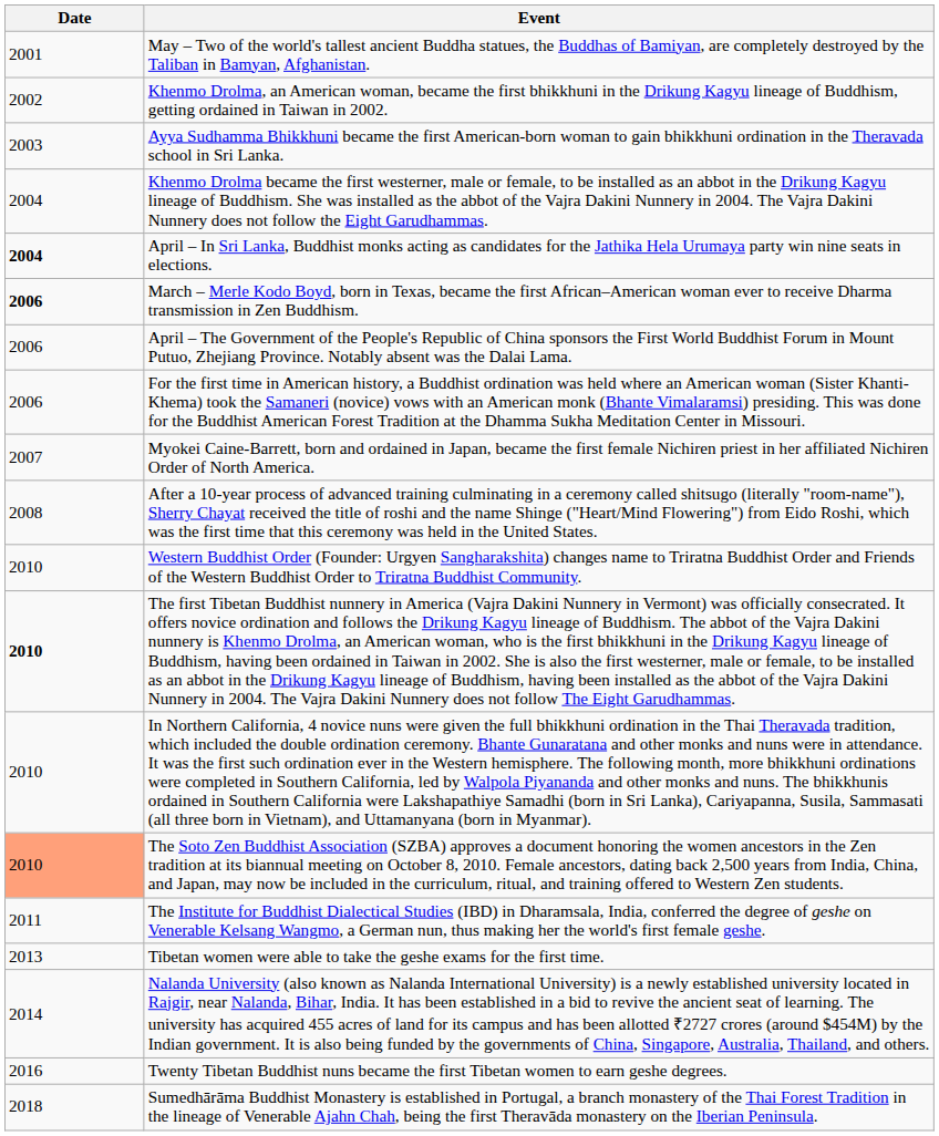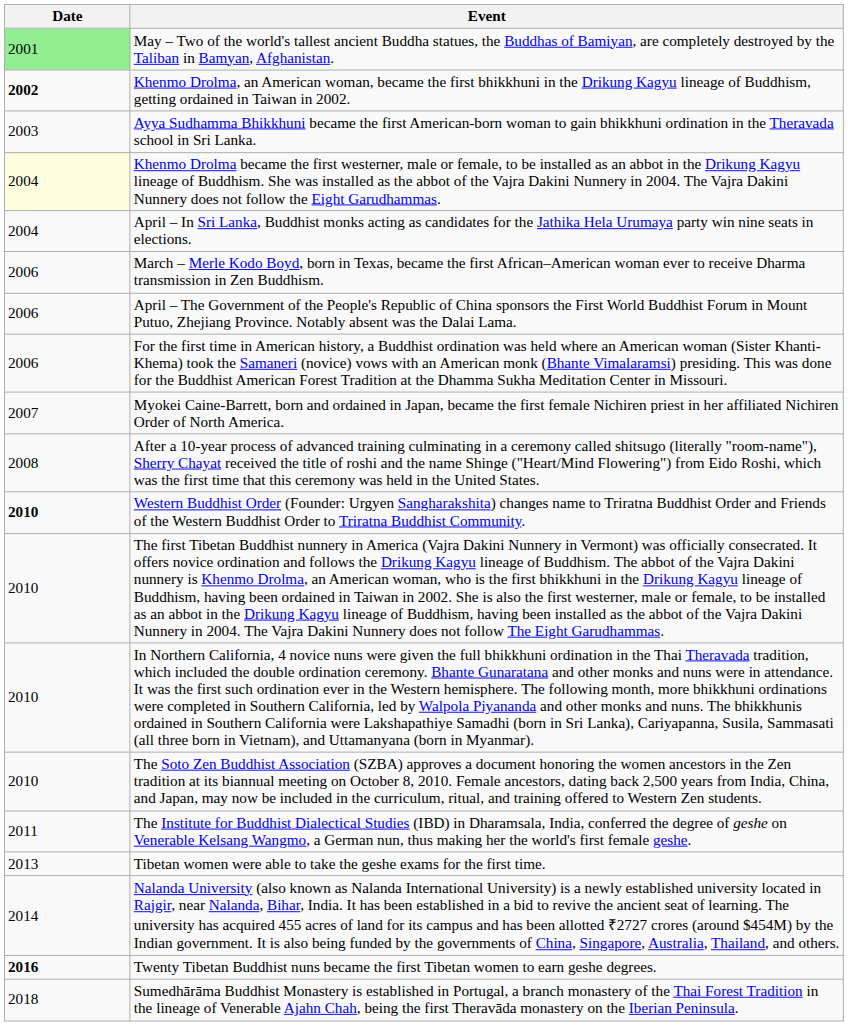 <table class="wikitable" width="100%">
 <tr>
 <th style="width:15%">Date</th>
 <th>Event</th>
 </tr>
 <tr>
-<td>2001</td>
+<td style="background: lightgreen;">2001</td>
 <td>May – Two of the world's tallest ancient Buddha statues, the <a href='#'>Buddhas of Bamiyan</a>, are completely destroyed by the <a href='#'>Taliban</a> in <a href='#'>Bamyan</a>, <a href='#'>Afghanistan</a>.</td>
 </tr>
 <tr>
-<td>2002</td>
+<td><strong>2002</strong></td>
 <td><a href='#'>Khenmo Drolma</a>, an American woman, became the first bhikkhuni in the <a href='#'>Drikung Kagyu</a> lineage of Buddhism, getting ordained in Taiwan in 2002.</td>
 </tr>
 <tr>
 <td>2003</td>
 <td><a href='#'>Ayya Sudhamma Bhikkhuni</a> became the first American-born woman to gain bhikkhuni ordination in the <a href='#'>Theravada</a> school in Sri Lanka.</td>
 </tr>
 <tr>
-<td>2004</td>
+<td style="background: lightyellow;">2004</td>
 <td><a href='#'>Khenmo Drolma</a> became the first westerner, male or female, to be installed as an abbot in the <a href='#'>Drikung Kagyu</a> lineage of Buddhism. She was installed as the abbot of the Vajra Dakini Nunnery in 2004. The Vajra Dakini Nunnery does not follow the <a href='#'>Eight Garudhammas</a>.</td>
 </tr>
 <tr>
-<td><strong>2004</strong></td>
+<td>2004</td>
 <td>April – In <a href='#'>Sri Lanka</a>, Buddhist monks acting as candidates for the <a href='#'>Jathika Hela Urumaya</a> party win nine seats in elections.</td>
 </tr>
 <tr>
-<td><strong>2006</strong></td>
+<td>2006</td>
 <td>March – <a href='#'>Merle Kodo Boyd</a>, born in Texas, became the first African–American woman ever to receive Dharma transmission in Zen Buddhism.</td>
 </tr>
 <tr>
 <td>2006</td>
 <td>April – The Government of the People's Republic of China sponsors the First World Buddhist Forum in Mount Putuo, Zhejiang Province. Notably absent was the Dalai Lama.</td>
 </tr>
 <tr>
 <td>2006</td>
 <td>For the first time in American history, a Buddhist ordination was held where an American woman (Sister Khanti-Khema) took the <a href='#'>Samaneri</a> (novice) vows with an American monk (<a href='#'>Bhante Vimalaramsi</a>) presiding. This was done for the Buddhist American Forest Tradition at the Dhamma Sukha Meditation Center in Missouri.</td>
 </tr>
 <tr>
 <td>2007</td>
 <td>Myokei Caine-Barrett, born and ordained in Japan, became the first female Nichiren priest in her affiliated Nichiren Order of North America.</td>
 </tr>
 <tr>
 <td>2008</td>
 <td>After a 10-year process of advanced training culminating in a ceremony called shitsugo (literally "room-name"), <a href='#'>Sherry Chayat</a> received the title of roshi and the name Shinge ("Heart/Mind Flowering") from Eido Roshi, which was the first time that this ceremony was held in the United States.</td>
 </tr>
 <tr>
-<td>2010</td>
+<td><strong>2010</strong></td>
 <td><a href='#'>Western Buddhist Order</a> (Founder: Urgyen <a href='#'>Sangharakshita</a>) changes name to Triratna Buddhist Order and Friends of the Western Buddhist Order to <a href='#'>Triratna Buddhist Community</a>.</td>
 </tr>
 <tr>
-<td><strong>2010</strong></td>
+<td>2010</td>
 <td>The first Tibetan Buddhist nunnery in America (Vajra Dakini Nunnery in Vermont) was officially consecrated. It offers novice ordination and follows the <a href='#'>Drikung Kagyu</a> lineage of Buddhism. The abbot of the Vajra Dakini nunnery is <a href='#'>Khenmo Drolma</a>, an American woman, who is the first bhikkhuni in the <a href='#'>Drikung Kagyu</a> lineage of Buddhism, having been ordained in Taiwan in 2002. She is also the first westerner, male or female, to be installed as an abbot in the <a href='#'>Drikung Kagyu</a> lineage of Buddhism, having been installed as the abbot of the Vajra Dakini Nunnery in 2004. The Vajra Dakini Nunnery does not follow <a href='#'>The Eight Garudhammas</a>.</td>
 </tr>
 <tr>
 <td>2010</td>
 <td>In Northern California, 4 novice nuns were given the full bhikkhuni ordination in the Thai <a href='#'>Theravada</a> tradition, which included the double ordination ceremony. <a href='#'>Bhante Gunaratana</a> and other monks and nuns were in attendance. It was the first such ordination ever in the Western hemisphere. The following month, more bhikkhuni ordinations were completed in Southern California, led by <a href='#'>Walpola Piyananda</a> and other monks and nuns. The bhikkhunis ordained in Southern California were Lakshapathiye Samadhi (born in Sri Lanka), Cariyapanna, Susila, Sammasati (all three born in Vietnam), and Uttamanyana (born in Myanmar).</td>
 </tr>
 <tr>
-<td style="background: lightsalmon;">2010</td>
+<td>2010</td>
 <td>The <a href='#'>Soto Zen Buddhist Association</a> (SZBA) approves a document honoring the women ancestors in the Zen tradition at its biannual meeting on October 8, 2010. Female ancestors, dating back 2,500 years from India, China, and Japan, may now be included in the curriculum, ritual, and training offered to Western Zen students.</td>
 </tr>
 <tr>
 <td>2011</td>
 <td>The <a href='#'>Institute for Buddhist Dialectical Studies</a> (IBD) in Dharamsala, India, conferred the degree of <em>geshe</em> on <a href='#'>Venerable Kelsang Wangmo</a>, a German nun, thus making her the world's first female <a href='#'>geshe</a>.</td>
 </tr>
 <tr>
 <td>2013</td>
 <td>Tibetan women were able to take the geshe exams for the first time.</td>
 </tr>
 <tr>
 <td>2014</td>
 <td><a href='#'>Nalanda University</a> (also known as Nalanda International University) is a newly established university located in <a href='#'>Rajgir</a>, near <a href='#'>Nalanda</a>, <a href='#'>Bihar</a>, India. It has been established in a bid to revive the ancient seat of learning. The university has acquired 455 acres of land for its campus and has been allotted ₹2727 crores (around $454M) by the Indian government. It is also being funded by the governments of <a href='#'>China</a>, <a href='#'>Singapore</a>, <a href='#'>Australia</a>, <a href='#'>Thailand</a>, and others.</td>
 </tr>
 <tr>
-<td>2016</td>
+<td><strong>2016</strong></td>
 <td>Twenty Tibetan Buddhist nuns became the first Tibetan women to earn geshe degrees.</td>
 </tr>
 <tr>
 <td>2018</td>
 <td>Sumedhārāma Buddhist Monastery is established in Portugal, a branch monastery of the <a href='#'>Thai Forest Tradition</a> in the lineage of Venerable <a href='#'>Ajahn Chah</a>, being the first Theravāda monastery on the <a href='#'>Iberian Peninsula</a>.</td>
 </tr>
 </table>
